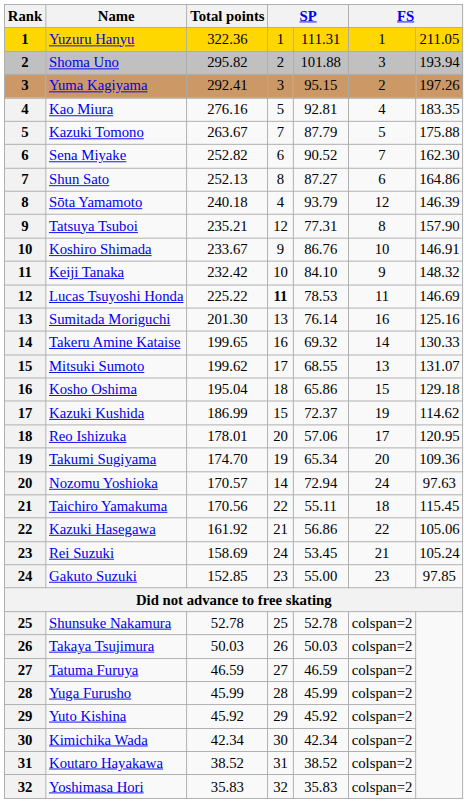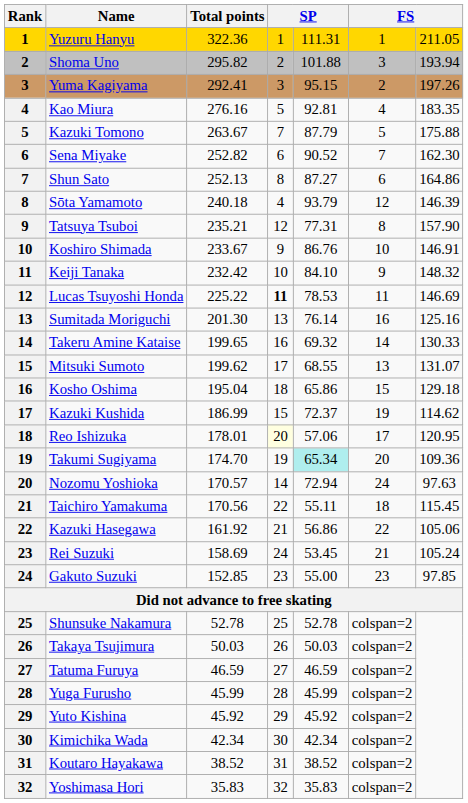 <table class="wikitable sortable">
 <tr>
 <th>Rank</th>
 <th>Name</th>
 <th>Total points</th>
 <th colspan="2" width="80px"><a href='#'>SP</a></th>
 <th colspan="2" width="80px"><a href='#'>FS</a></th>
 </tr>
 <tr bgcolor="gold">
 <td align="center"><strong>1</strong></td>
 <td><a href='#'>Yuzuru Hanyu</a></td>
 <td align="center">322.36</td>
 <td align="center">1</td>
 <td align="center">111.31</td>
 <td align="center">1</td>
 <td align="center">211.05</td>
 </tr>
 <tr bgcolor="silver">
 <td align="center"><strong>2</strong></td>
 <td><a href='#'>Shoma Uno</a></td>
 <td align="center">295.82</td>
 <td align="center">2</td>
 <td align="center">101.88</td>
 <td align="center">3</td>
 <td align="center">193.94</td>
 </tr>
 <tr bgcolor="cc9966">
 <td align="center"><strong>3</strong></td>
 <td><a href='#'>Yuma Kagiyama</a></td>
 <td align="center">292.41</td>
 <td align="center">3</td>
 <td align="center">95.15</td>
 <td align="center">2</td>
 <td align="center">197.26</td>
 </tr>
 <tr>
 <th>4</th>
 <td><a href='#'>Kao Miura</a></td>
 <td align="center">276.16</td>
 <td align="center">5</td>
 <td align="center">92.81</td>
 <td align="center">4</td>
 <td align="center">183.35</td>
 </tr>
 <tr>
 <th>5</th>
 <td><a href='#'>Kazuki Tomono</a></td>
 <td align="center">263.67</td>
 <td align="center">7</td>
 <td align="center">87.79</td>
 <td align="center">5</td>
 <td align="center">175.88</td>
 </tr>
 <tr>
 <th>6</th>
 <td><a href='#'>Sena Miyake</a></td>
 <td align="center">252.82</td>
 <td align="center">6</td>
 <td align="center">90.52</td>
 <td align="center">7</td>
 <td align="center">162.30</td>
 </tr>
 <tr>
 <th>7</th>
 <td><a href='#'>Shun Sato</a></td>
 <td align="center">252.13</td>
 <td align="center">8</td>
 <td align="center">87.27</td>
 <td align="center">6</td>
 <td align="center">164.86</td>
 </tr>
 <tr>
 <th>8</th>
 <td><a href='#'>Sōta Yamamoto</a></td>
 <td align="center">240.18</td>
 <td align="center">4</td>
 <td align="center">93.79</td>
 <td align="center">12</td>
 <td align="center">146.39</td>
 </tr>
 <tr>
 <th>9</th>
 <td><a href='#'>Tatsuya Tsuboi</a></td>
 <td align="center">235.21</td>
 <td align="center">12</td>
 <td align="center">77.31</td>
 <td align="center">8</td>
 <td align="center">157.90</td>
 </tr>
 <tr>
 <th>10</th>
 <td><a href='#'>Koshiro Shimada</a></td>
 <td align="center">233.67</td>
 <td align="center">9</td>
 <td align="center">86.76</td>
 <td align="center">10</td>
 <td align="center">146.91</td>
 </tr>
 <tr>
 <th>11</th>
 <td><a href='#'>Keiji Tanaka</a></td>
 <td align="center">232.42</td>
 <td align="center">10</td>
 <td align="center">84.10</td>
 <td align="center">9</td>
 <td align="center">148.32</td>
 </tr>
 <tr>
 <th>12</th>
 <td><a href='#'>Lucas Tsuyoshi Honda</a></td>
 <td align="center">225.22</td>
 <td align="center"><strong>11</strong></td>
 <td align="center">78.53</td>
 <td align="center">11</td>
 <td align="center">146.69</td>
 </tr>
 <tr>
 <th>13</th>
 <td><a href='#'>Sumitada Moriguchi</a></td>
 <td align="center">201.30</td>
 <td align="center">13</td>
 <td align="center">76.14</td>
 <td align="center">16</td>
 <td align="center">125.16</td>
 </tr>
 <tr>
 <th>14</th>
 <td><a href='#'>Takeru Amine Kataise</a></td>
 <td align="center">199.65</td>
 <td align="center">16</td>
 <td align="center">69.32</td>
 <td align="center">14</td>
 <td align="center">130.33</td>
 </tr>
 <tr>
 <th>15</th>
 <td><a href='#'>Mitsuki Sumoto</a></td>
 <td align="center">199.62</td>
 <td align="center">17</td>
 <td align="center">68.55</td>
 <td align="center">13</td>
 <td align="center">131.07</td>
 </tr>
 <tr>
 <th>16</th>
 <td><a href='#'>Kosho Oshima</a></td>
 <td align="center">195.04</td>
 <td align="center">18</td>
 <td align="center">65.86</td>
 <td align="center">15</td>
 <td align="center">129.18</td>
 </tr>
 <tr>
 <th>17</th>
 <td><a href='#'>Kazuki Kushida</a></td>
 <td align="center">186.99</td>
 <td align="center">15</td>
 <td align="center">72.37</td>
 <td align="center">19</td>
 <td align="center">114.62</td>
 </tr>
 <tr>
 <th>18</th>
 <td><a href='#'>Reo Ishizuka</a></td>
 <td align="center">178.01</td>
-<td align="center">20</td>
+<td align="center" style="background: lightyellow;">20</td>
 <td align="center">57.06</td>
 <td align="center">17</td>
 <td align="center">120.95</td>
 </tr>
 <tr>
 <th>19</th>
 <td><a href='#'>Takumi Sugiyama</a></td>
 <td align="center">174.70</td>
 <td align="center">19</td>
-<td align="center">65.34</td>
+<td align="center" style="background: paleturquoise;">65.34</td>
 <td align="center">20</td>
 <td align="center">109.36</td>
 </tr>
 <tr>
 <th>20</th>
 <td><a href='#'>Nozomu Yoshioka</a></td>
 <td align="center">170.57</td>
 <td align="center">14</td>
 <td align="center">72.94</td>
 <td align="center">24</td>
 <td align="center">97.63</td>
 </tr>
 <tr>
 <th>21</th>
 <td><a href='#'>Taichiro Yamakuma</a></td>
 <td align="center">170.56</td>
 <td align="center">22</td>
 <td align="center">55.11</td>
 <td align="center">18</td>
 <td align="center">115.45</td>
 </tr>
 <tr>
 <th>22</th>
 <td><a href='#'>Kazuki Hasegawa</a></td>
 <td align="center">161.92</td>
 <td align="center">21</td>
 <td align="center">56.86</td>
 <td align="center">22</td>
 <td align="center">105.06</td>
 </tr>
 <tr>
 <th>23</th>
 <td><a href='#'>Rei Suzuki</a></td>
 <td align="center">158.69</td>
 <td align="center">24</td>
 <td align="center">53.45</td>
 <td align="center">21</td>
 <td align="center">105.24</td>
 </tr>
 <tr>
 <th>24</th>
 <td><a href='#'>Gakuto Suzuki</a></td>
 <td align="center">152.85</td>
 <td align="center">23</td>
 <td align="center">55.00</td>
 <td align="center">23</td>
 <td align="center">97.85</td>
 </tr>
 <tr>
 <th colspan="7">Did not advance to free skating</th>
 </tr>
 <tr>
 <th>25</th>
 <td><a href='#'>Shunsuke Nakamura</a></td>
 <td align="center">52.78</td>
 <td align="center">25</td>
 <td align="center">52.78</td>
 <td>colspan=2 </td>
 </tr>
 <tr>
 <th>26</th>
 <td><a href='#'>Takaya Tsujimura</a></td>
 <td align="center">50.03</td>
 <td align="center">26</td>
 <td align="center">50.03</td>
 <td>colspan=2 </td>
 </tr>
 <tr>
 <th>27</th>
 <td><a href='#'>Tatuma Furuya</a></td>
 <td align="center">46.59</td>
 <td align="center">27</td>
 <td align="center">46.59</td>
 <td>colspan=2 </td>
 </tr>
 <tr>
 <th>28</th>
 <td><a href='#'>Yuga Furusho</a></td>
 <td align="center">45.99</td>
 <td align="center">28</td>
 <td align="center">45.99</td>
 <td>colspan=2 </td>
 </tr>
 <tr>
 <th>29</th>
 <td><a href='#'>Yuto Kishina</a></td>
 <td align="center">45.92</td>
 <td align="center">29</td>
 <td align="center">45.92</td>
 <td>colspan=2 </td>
 </tr>
 <tr>
 <th>30</th>
 <td><a href='#'>Kimichika Wada</a></td>
 <td align="center">42.34</td>
 <td align="center">30</td>
 <td align="center">42.34</td>
 <td>colspan=2 </td>
 </tr>
 <tr>
 <th>31</th>
 <td><a href='#'>Koutaro Hayakawa</a></td>
 <td align="center">38.52</td>
 <td align="center">31</td>
 <td align="center">38.52</td>
 <td>colspan=2 </td>
 </tr>
 <tr>
 <th>32</th>
 <td><a href='#'>Yoshimasa Hori</a></td>
 <td align="center">35.83</td>
 <td align="center">32</td>
 <td align="center">35.83</td>
 <td>colspan=2 </td>
 </tr>
 </table>
